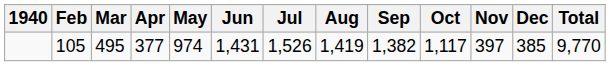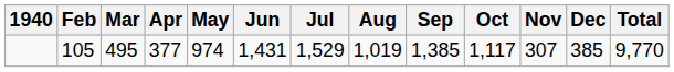 <table class="wikitable">
 <tr>
 <th>1940</th>
 <th>Feb</th>
 <th>Mar</th>
 <th>Apr</th>
 <th>May</th>
 <th>Jun</th>
 <th>Jul</th>
 <th>Aug</th>
 <th>Sep</th>
 <th>Oct</th>
 <th>Nov</th>
 <th>Dec</th>
 <th>Total</th>
 </tr>
 <tr>
 <td></td>
 <td>105</td>
 <td>495</td>
 <td>377</td>
 <td>974</td>
 <td>1,431</td>
-<td>1,526</td>
-<td>1,419</td>
-<td>1,382</td>
+<td>1,529</td>
+<td>1,019</td>
+<td>1,385</td>
 <td>1,117</td>
-<td>397</td>
+<td>307</td>
 <td>385</td>
 <td>9,770</td>
 </tr>
 </table>
